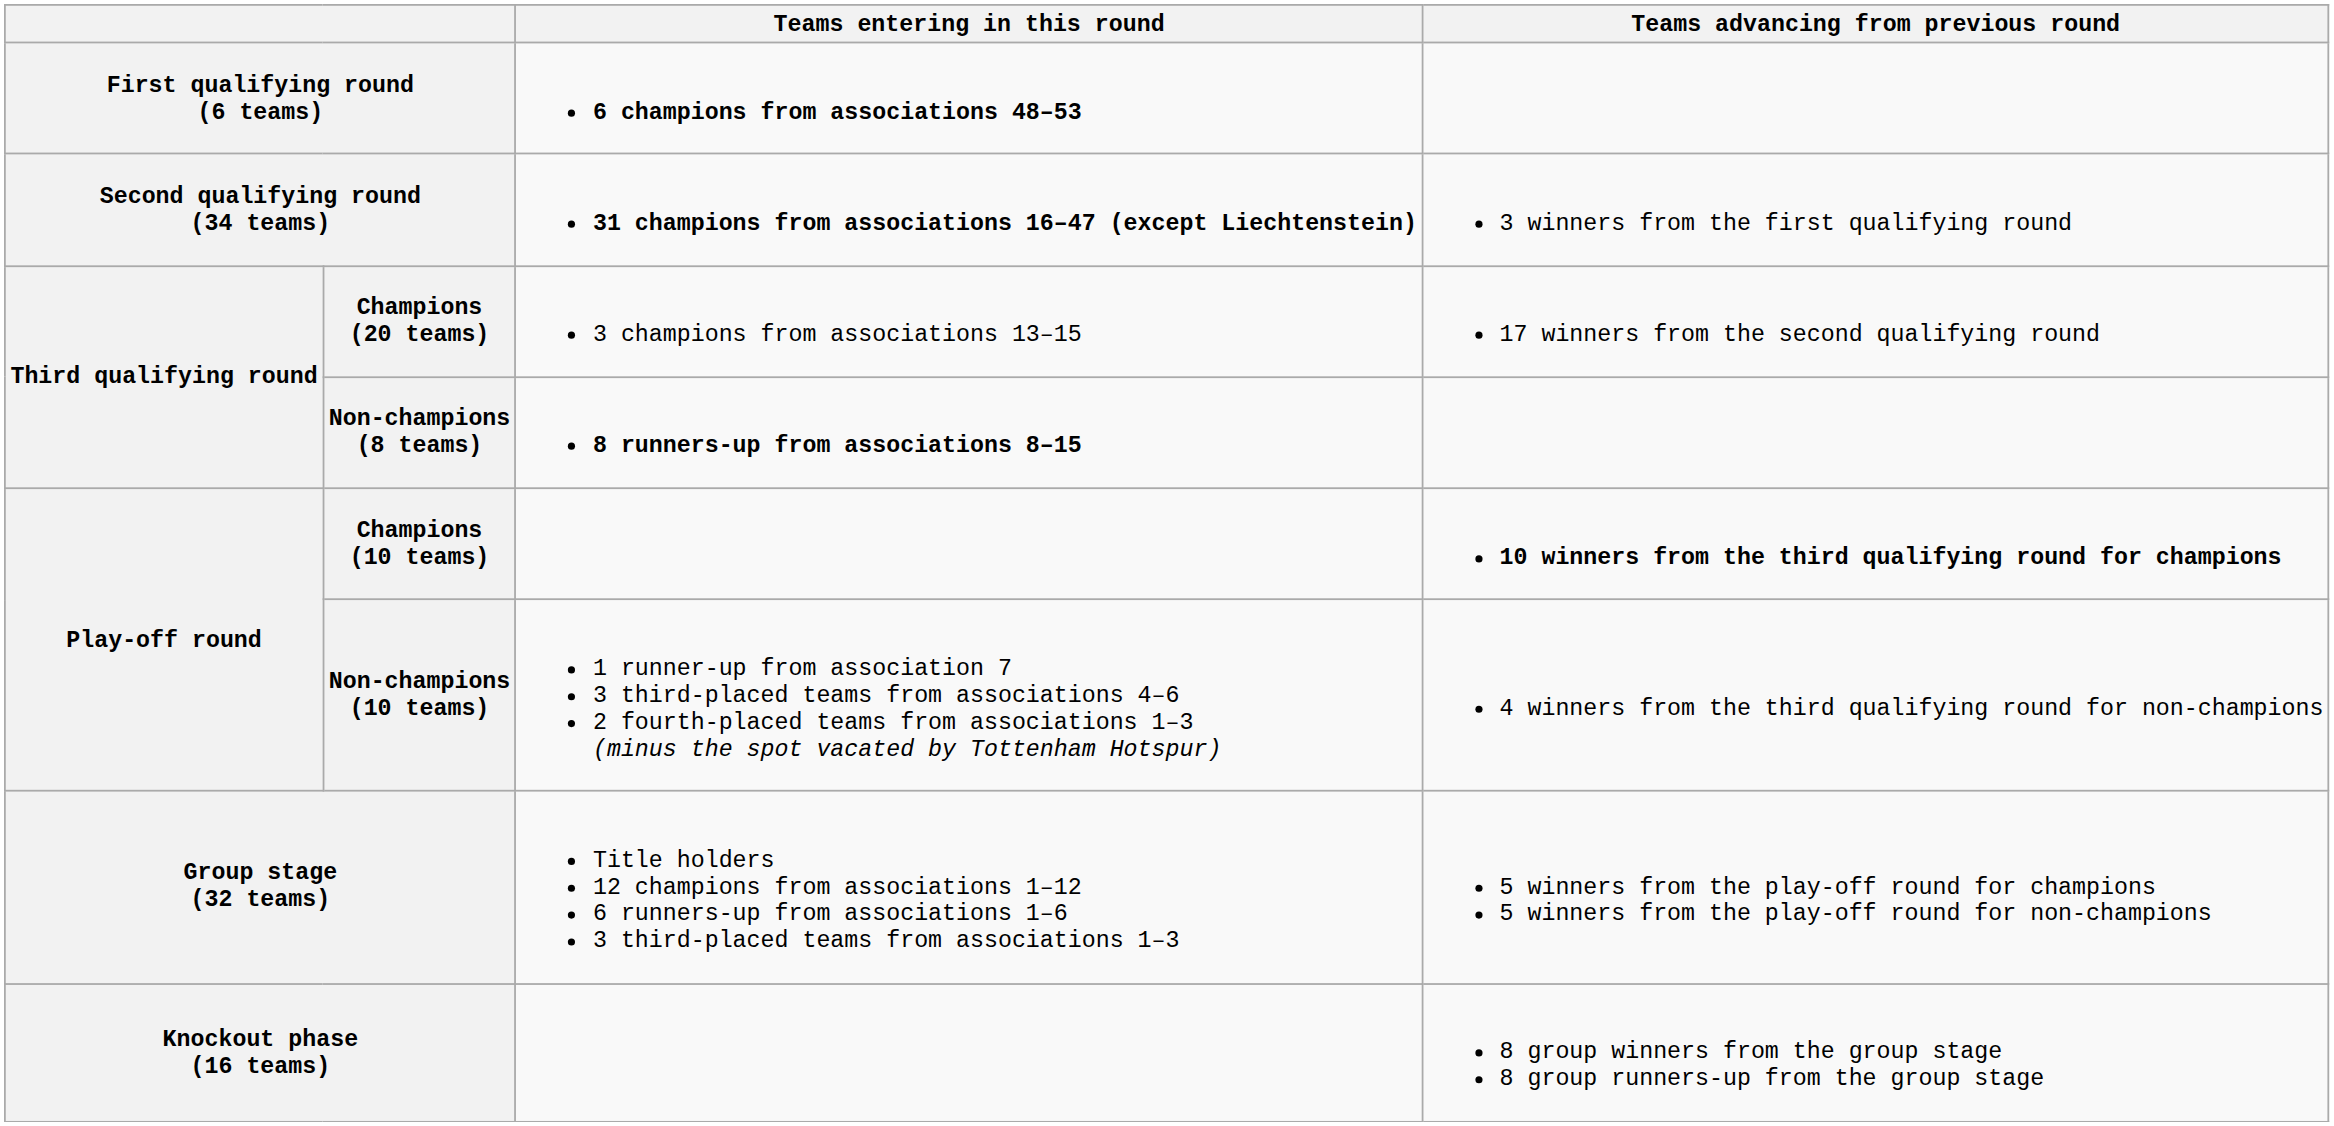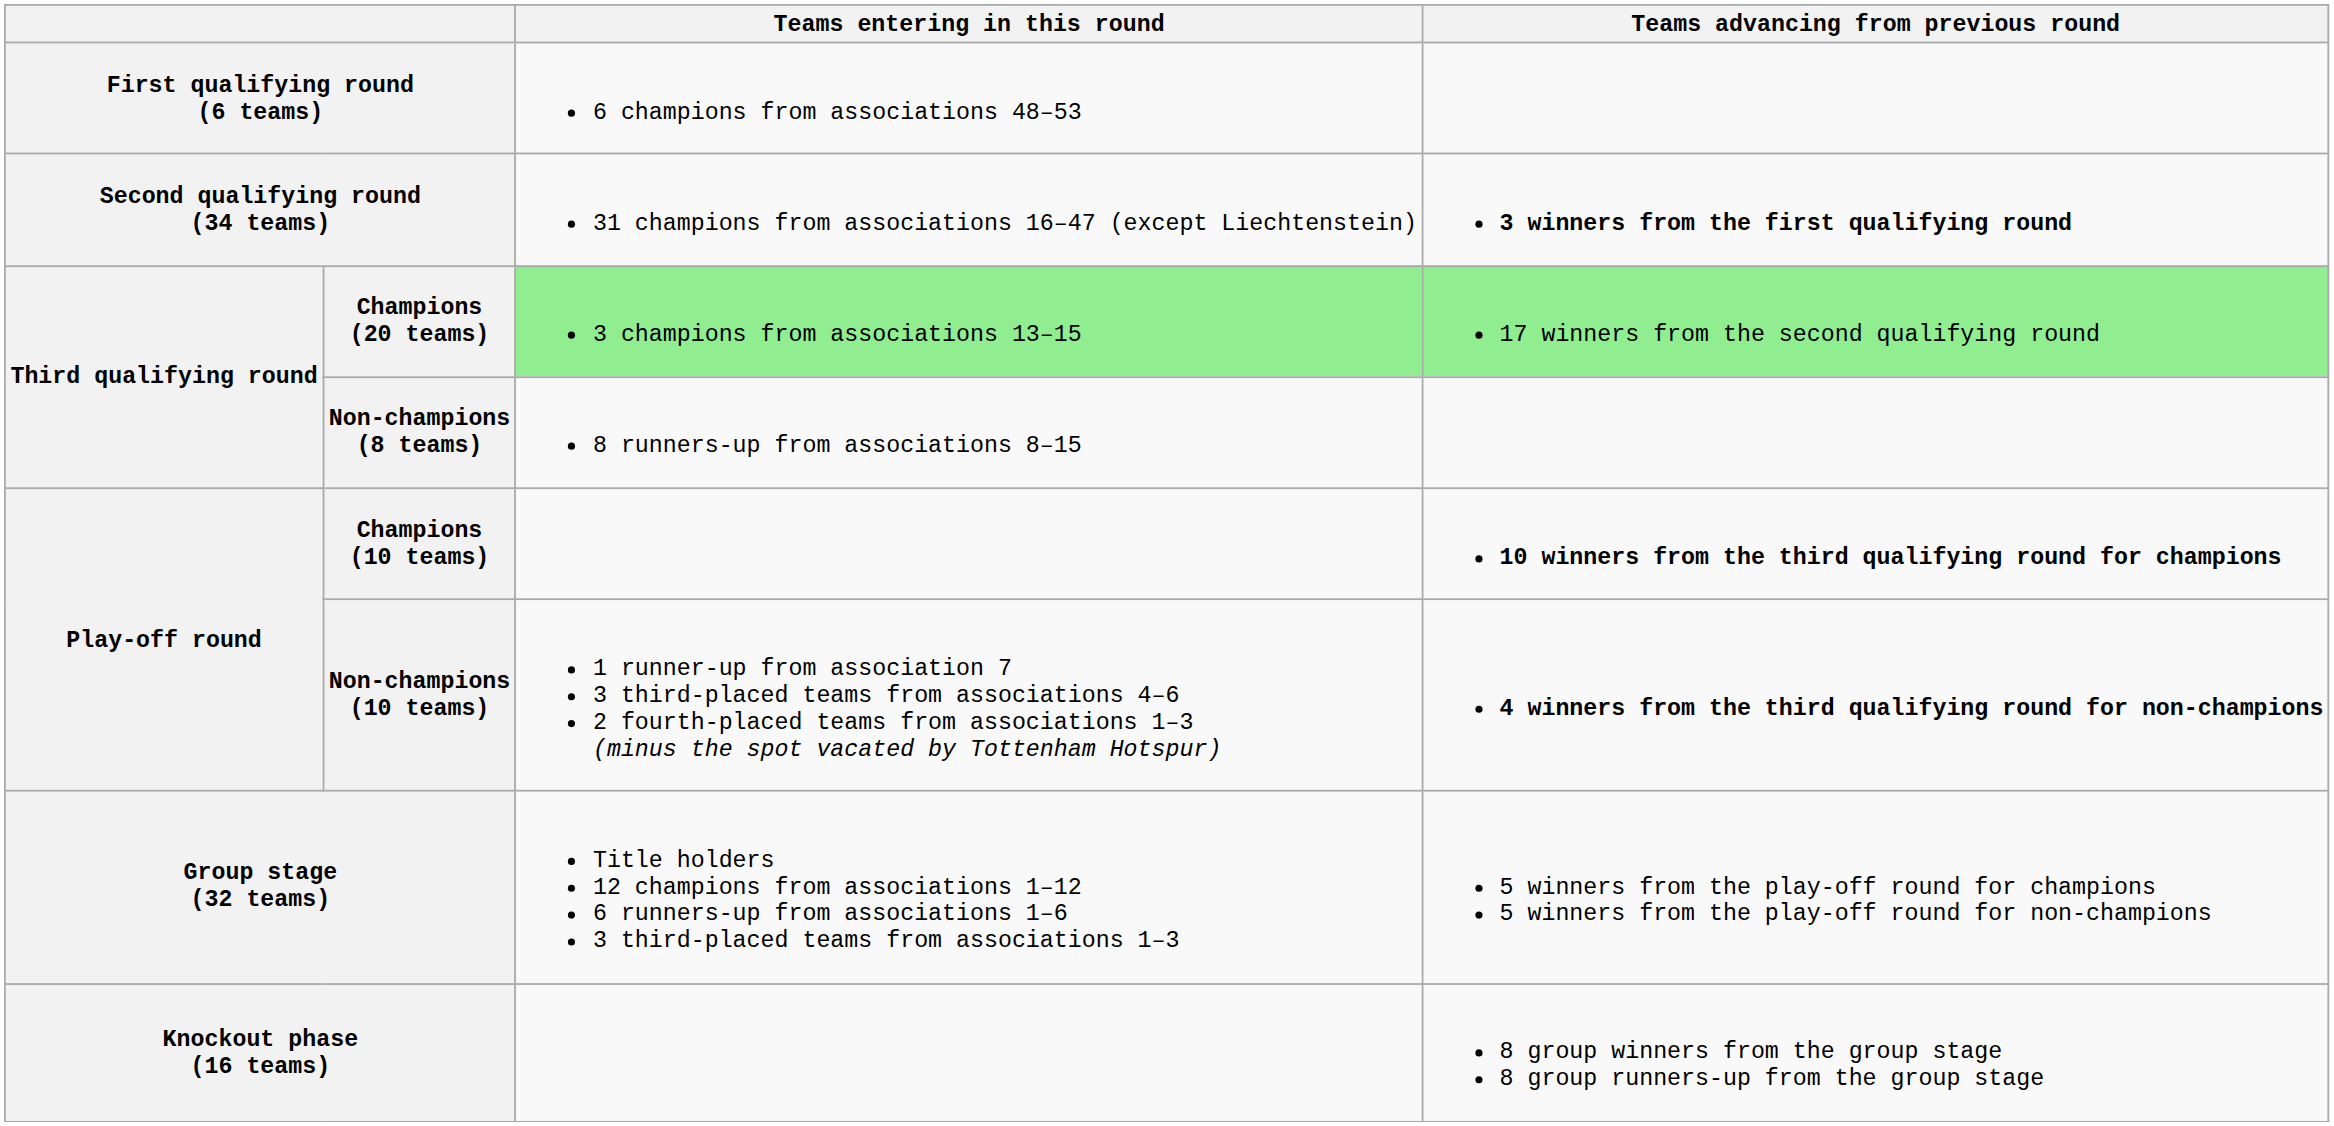 <table class="wikitable">
 <tr>
 <th colspan=2></th>
 <th>Teams entering in this round</th>
 <th>Teams advancing from previous round</th>
 </tr>
 <tr>
 <th colspan=2>First qualifying round<br>(6 teams)</th>
-<td><strong><br><ul><li>6 champions from associations 48–53</li></ul></strong></td>
+<td><br><ul><li>6 champions from associations 48–53</li></ul></td>
 <td></td>
 </tr>
 <tr>
 <th colspan=2>Second qualifying round<br>(34 teams)</th>
-<td><strong><br><ul><li>31 champions from associations 16–47 (except Liechtenstein)</li></ul></strong></td>
-<td><br><ul><li>3 winners from the first qualifying round</li></ul></td>
+<td><br><ul><li>31 champions from associations 16–47 (except Liechtenstein)</li></ul></td>
+<td><strong><br><ul><li>3 winners from the first qualifying round</li></ul></strong></td>
 </tr>
 <tr>
 <th rowspan=2>Third qualifying round</th>
 <th>Champions<br>(20 teams)</th>
-<td><br><ul><li>3 champions from associations 13–15</li></ul></td>
-<td><br><ul><li>17 winners from the second qualifying round</li></ul></td>
+<td style="background: lightgreen;"><br><ul><li>3 champions from associations 13–15</li></ul></td>
+<td style="background: lightgreen;"><br><ul><li>17 winners from the second qualifying round</li></ul></td>
 </tr>
 <tr>
 <th>Non-champions<br>(8 teams)</th>
-<td><strong><br><ul><li>8 runners-up from associations 8–15</li></ul></strong></td>
+<td><br><ul><li>8 runners-up from associations 8–15</li></ul></td>
 <td></td>
 </tr>
 <tr>
 <th rowspan=2>Play-off round</th>
 <th>Champions<br>(10 teams)</th>
 <td></td>
 <td><strong><br><ul><li>10 winners from the third qualifying round for champions</li></ul></strong></td>
 </tr>
 <tr>
 <th>Non-champions<br>(10 teams)</th>
 <td><br><ul><li>1 runner-up from association 7</li><li>3 third-placed teams from associations 4–6</li><li>2 fourth-placed teams from associations 1–3<br><em>(minus the spot vacated by Tottenham Hotspur)</em></li></ul></td>
-<td><br><ul><li>4 winners from the third qualifying round for non-champions</li></ul></td>
+<td><strong><br><ul><li>4 winners from the third qualifying round for non-champions</li></ul></strong></td>
 </tr>
 <tr>
 <th colspan=2>Group stage<br>(32 teams)</th>
 <td><br><ul><li>Title holders</li><li>12 champions from associations 1–12</li><li>6 runners-up from associations 1–6</li><li>3 third-placed teams from associations 1–3</li></ul></td>
 <td><br><ul><li>5 winners from the play-off round for champions</li><li>5 winners from the play-off round for non-champions</li></ul></td>
 </tr>
 <tr>
 <th colspan=2>Knockout phase<br>(16 teams)</th>
 <td></td>
 <td><br><ul><li>8 group winners from the group stage</li><li>8 group runners-up from the group stage</li></ul></td>
 </tr>
 </table>
